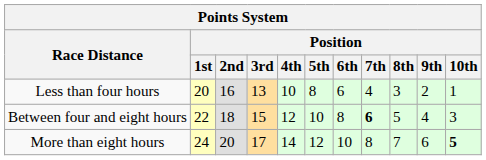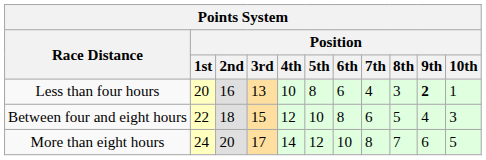 <table class="wikitable" style="font-size: 90%;">
 <tr>
 <th colspan=11>Points System</th>
 </tr>
 <tr>
 <th rowspan=2>Race Distance</th>
 <th colspan=10>Position</th>
 </tr>
 <tr>
 <th>1st</th>
 <th>2nd</th>
 <th>3rd</th>
 <th>4th</th>
 <th>5th</th>
 <th>6th</th>
 <th>7th</th>
 <th>8th</th>
 <th>9th</th>
 <th>10th</th>
 </tr>
 <tr>
 <td align="center">Less than four hours</td>
 <td style="background:#FFFFBF;”">20</td>
 <td style="background:#DFDFDF;”">16</td>
 <td style="background:#FFDF9F;”">13</td>
 <td style="background:#DFFFDF;">10</td>
 <td style="background:#DFFFDF;">8</td>
 <td style="background:#DFFFDF;">6</td>
 <td style="background:#DFFFDF;">4</td>
 <td style="background:#DFFFDF;">3</td>
-<td style="background:#DFFFDF;">2</td>
+<td style="background:#DFFFDF;"><strong>2</strong></td>
 <td style="background:#DFFFDF;">1</td>
 </tr>
 <tr>
 <td align="center">Between four and eight hours</td>
 <td style="background:#FFFFBF;”">22</td>
 <td style="background:#DFDFDF;”">18</td>
 <td style="background:#FFDF9F;”">15</td>
 <td style="background:#DFFFDF;">12</td>
 <td style="background:#DFFFDF;">10</td>
 <td style="background:#DFFFDF;">8</td>
-<td style="background:#DFFFDF;"><strong>6</strong></td>
+<td style="background:#DFFFDF;">6</td>
 <td style="background:#DFFFDF;">5</td>
 <td style="background:#DFFFDF;">4</td>
 <td style="background:#DFFFDF;">3</td>
 </tr>
 <tr>
 <td align="center">More than eight hours</td>
 <td style="background:#FFFFBF;”">24</td>
 <td style="background:#DFDFDF;”">20</td>
 <td style="background:#FFDF9F;”">17</td>
 <td style="background:#DFFFDF;">14</td>
 <td style="background:#DFFFDF;">12</td>
 <td style="background:#DFFFDF;">10</td>
 <td style="background:#DFFFDF;">8</td>
 <td style="background:#DFFFDF;">7</td>
 <td style="background:#DFFFDF;">6</td>
-<td style="background:#DFFFDF;"><strong>5</strong></td>
+<td style="background:#DFFFDF;">5</td>
 </tr>
 </table>
